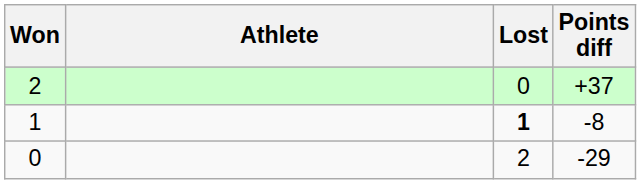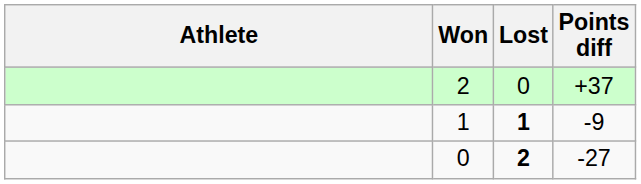 <table class="wikitable">
 <tr>
+<th style="width:18em">Athlete</th>
 <th>Won</th>
-<th style="width:18em">Athlete</th>
 <th>Lost</th>
 <th>Points<br>diff</th>
 </tr>
 <tr bgcolor="#ccffcc">
+<td></td>
 <td align="center">2</td>
-<td></td>
 <td align="center">0</td>
 <td align="center">+37</td>
 </tr>
 <tr>
+<td></td>
 <td align="center">1</td>
-<td></td>
 <td align="center"><strong>1</strong></td>
-<td align="center">-8</td>
+<td align="center">-9</td>
 </tr>
 <tr>
+<td></td>
 <td align="center">0</td>
-<td></td>
-<td align="center">2</td>
-<td align="center">-29</td>
+<td align="center"><strong>2</strong></td>
+<td align="center">-27</td>
 </tr>
 </table>
